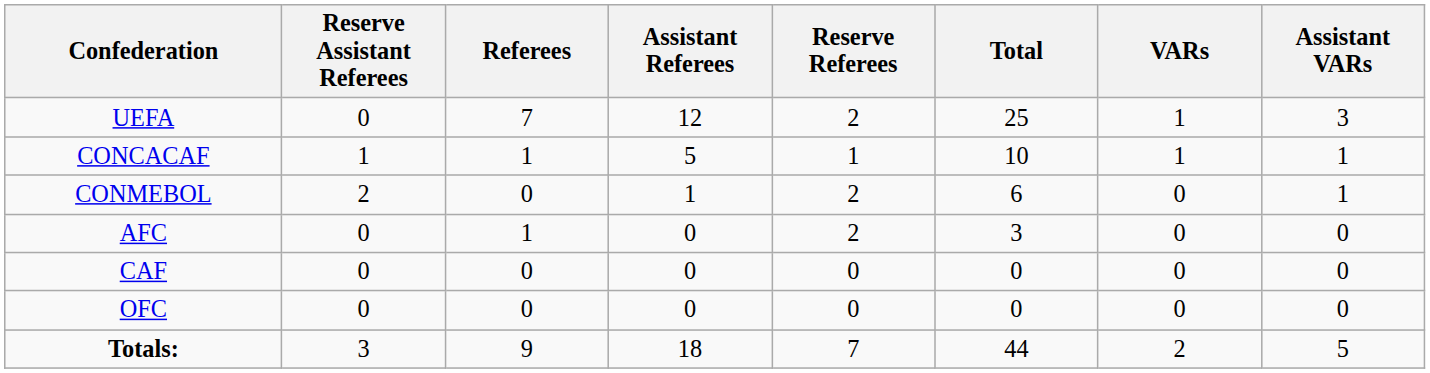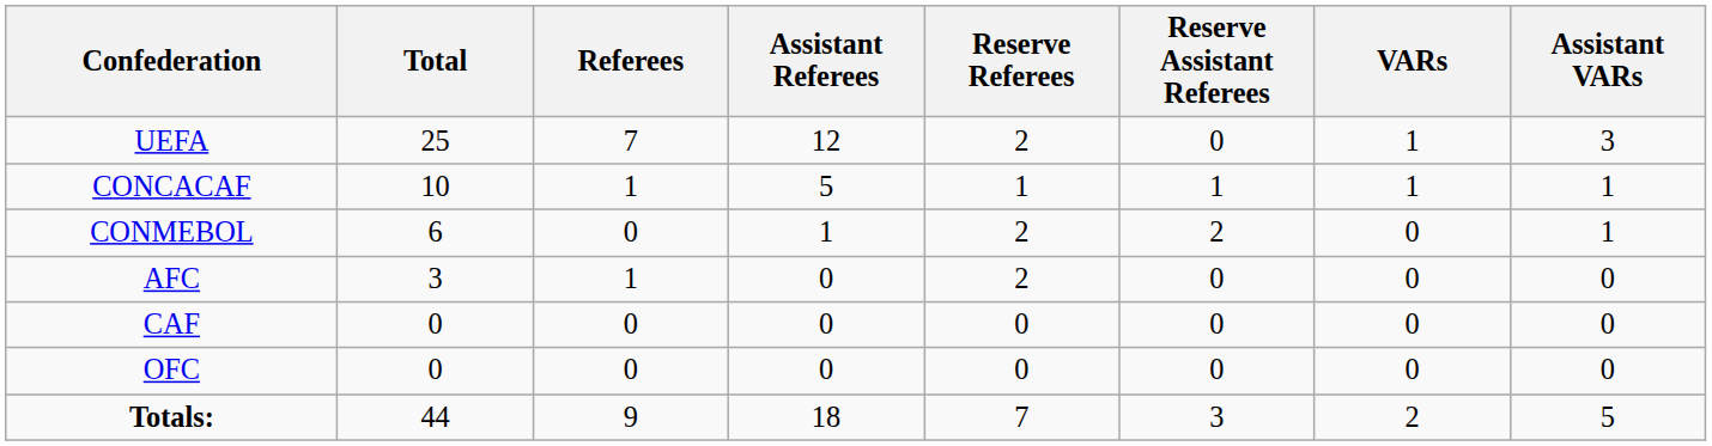 <table class="wikitable sortable">
 <tr>
 <th style="width:175px">Confederation</th>
-<th style="width:100px">Reserve Assistant Referees</th>
+<th style="width:100px">Total</th>
 <th style="width:100px">Referees</th>
 <th style="width:100px">Assistant<br>Referees</th>
 <th style="width:100px">Reserve Referees</th>
-<th style="width:100px">Total</th>
+<th style="width:100px">Reserve Assistant Referees</th>
 <th style="width:100px">VARs</th>
 <th style="width:100px">Assistant VARs</th>
 </tr>
 <tr>
 <td style="text-align:center"><a href='#'>UEFA</a></td>
-<td style="text-align:center">0</td>
+<td style="text-align:center">25</td>
 <td style="text-align:center">7</td>
 <td style="text-align:center">12</td>
 <td style="text-align:center">2</td>
-<td style="text-align:center">25</td>
+<td style="text-align:center">0</td>
 <td style="text-align:center">1</td>
 <td style="text-align:center">3</td>
 </tr>
 <tr>
 <td style="text-align:center"><a href='#'>CONCACAF</a></td>
-<td style="text-align:center">1</td>
+<td style="text-align:center">10</td>
 <td style="text-align:center">1</td>
 <td style="text-align:center">5</td>
 <td style="text-align:center">1</td>
-<td style="text-align:center">10</td>
+<td style="text-align:center">1</td>
 <td style="text-align:center">1</td>
 <td style="text-align:center">1</td>
 </tr>
 <tr>
 <td style="text-align:center"><a href='#'>CONMEBOL</a></td>
-<td style="text-align:center">2</td>
+<td style="text-align:center">6</td>
 <td style="text-align:center">0</td>
 <td style="text-align:center">1</td>
 <td style="text-align:center">2</td>
-<td style="text-align:center">6</td>
+<td style="text-align:center">2</td>
 <td style="text-align:center">0</td>
 <td style="text-align:center">1</td>
 </tr>
 <tr>
 <td style="text-align:center"><a href='#'>AFC</a></td>
-<td style="text-align:center">0</td>
+<td style="text-align:center">3</td>
 <td style="text-align:center">1</td>
 <td style="text-align:center">0</td>
 <td style="text-align:center">2</td>
-<td style="text-align:center">3</td>
+<td style="text-align:center">0</td>
 <td style="text-align:center">0</td>
 <td style="text-align:center">0</td>
 </tr>
 <tr>
 <td style="text-align:center"><a href='#'>CAF</a></td>
 <td style="text-align:center">0</td>
 <td style="text-align:center">0</td>
 <td style="text-align:center">0</td>
 <td style="text-align:center">0</td>
 <td style="text-align:center">0</td>
 <td style="text-align:center">0</td>
 <td style="text-align:center">0</td>
 </tr>
 <tr>
 <td style="text-align:center"><a href='#'>OFC</a></td>
 <td style="text-align:center">0</td>
 <td style="text-align:center">0</td>
 <td style="text-align:center">0</td>
 <td style="text-align:center">0</td>
 <td style="text-align:center">0</td>
 <td style="text-align:center">0</td>
 <td style="text-align:center">0</td>
 </tr>
 <tr>
 <td style="text-align:center"><strong>Totals:</strong></td>
-<td style="text-align:center">3</td>
+<td style="text-align:center">44</td>
 <td style="text-align:center">9</td>
 <td style="text-align:center">18</td>
 <td style="text-align:center">7</td>
-<td style="text-align:center">44</td>
+<td style="text-align:center">3</td>
 <td style="text-align:center">2</td>
 <td style="text-align:center">5</td>
 </tr>
 </table>
